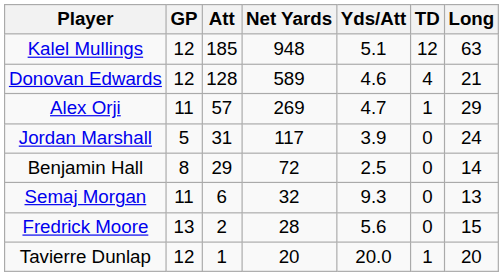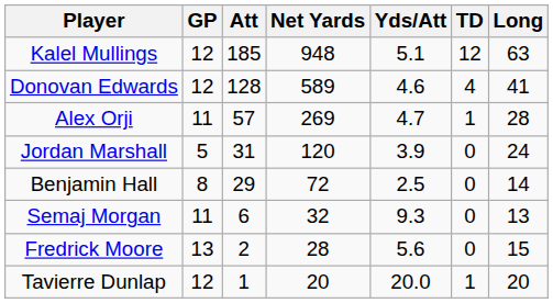 <table class="wikitable sortable sortable" style="text-align: center">
 <tr align=center>
 <th>Player</th>
 <th>GP</th>
 <th>Att</th>
 <th>Net Yards</th>
 <th>Yds/Att</th>
 <th>TD</th>
 <th>Long</th>
 </tr>
 <tr>
 <td><a href='#'>Kalel Mullings</a></td>
 <td>12</td>
 <td>185</td>
 <td>948</td>
 <td>5.1</td>
 <td>12</td>
 <td>63</td>
 </tr>
 <tr>
 <td><a href='#'>Donovan Edwards</a></td>
 <td>12</td>
 <td>128</td>
 <td>589</td>
 <td>4.6</td>
 <td>4</td>
-<td>21</td>
+<td>41</td>
 </tr>
 <tr>
 <td><a href='#'>Alex Orji</a></td>
 <td>11</td>
 <td>57</td>
 <td>269</td>
 <td>4.7</td>
 <td>1</td>
-<td>29</td>
+<td>28</td>
 </tr>
 <tr>
 <td><a href='#'>Jordan Marshall</a></td>
 <td>5</td>
 <td>31</td>
-<td>117</td>
+<td>120</td>
 <td>3.9</td>
 <td>0</td>
 <td>24</td>
 </tr>
 <tr>
 <td>Benjamin Hall</td>
 <td>8</td>
 <td>29</td>
 <td>72</td>
 <td>2.5</td>
 <td>0</td>
 <td>14</td>
 </tr>
 <tr>
 <td><a href='#'>Semaj Morgan</a></td>
 <td>11</td>
 <td>6</td>
 <td>32</td>
 <td>9.3</td>
 <td>0</td>
 <td>13</td>
 </tr>
 <tr>
 <td><a href='#'>Fredrick Moore</a></td>
 <td>13</td>
 <td>2</td>
 <td>28</td>
 <td>5.6</td>
 <td>0</td>
 <td>15</td>
 </tr>
 <tr>
 <td>Tavierre Dunlap</td>
 <td>12</td>
 <td>1</td>
 <td>20</td>
 <td>20.0</td>
 <td>1</td>
 <td>20</td>
 </tr>
 </table>
